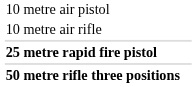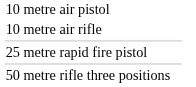 <table>
 <tr>
 <td>10 metre air pistol<br></td>
 <td></td>
 <td></td>
 <td></td>
 </tr>
 <tr>
 <td>10 metre air rifle<br></td>
 <td></td>
 <td></td>
 <td></td>
 </tr>
 <tr bgcolor=#DDDDDD>
 <td colspan=7></td>
 </tr>
 <tr>
-<td><strong>25 metre rapid fire pistol<br></strong></td>
+<td>25 metre rapid fire pistol<br></td>
 <td></td>
 <td></td>
 <td></td>
 </tr>
 <tr bgcolor=#DDDDDD>
 <td colspan=7></td>
 </tr>
 <tr>
-<td><strong>50 metre rifle three positions<br></strong></td>
+<td>50 metre rifle three positions<br></td>
 <td></td>
 <td></td>
 <td></td>
 </tr>
 </table>
